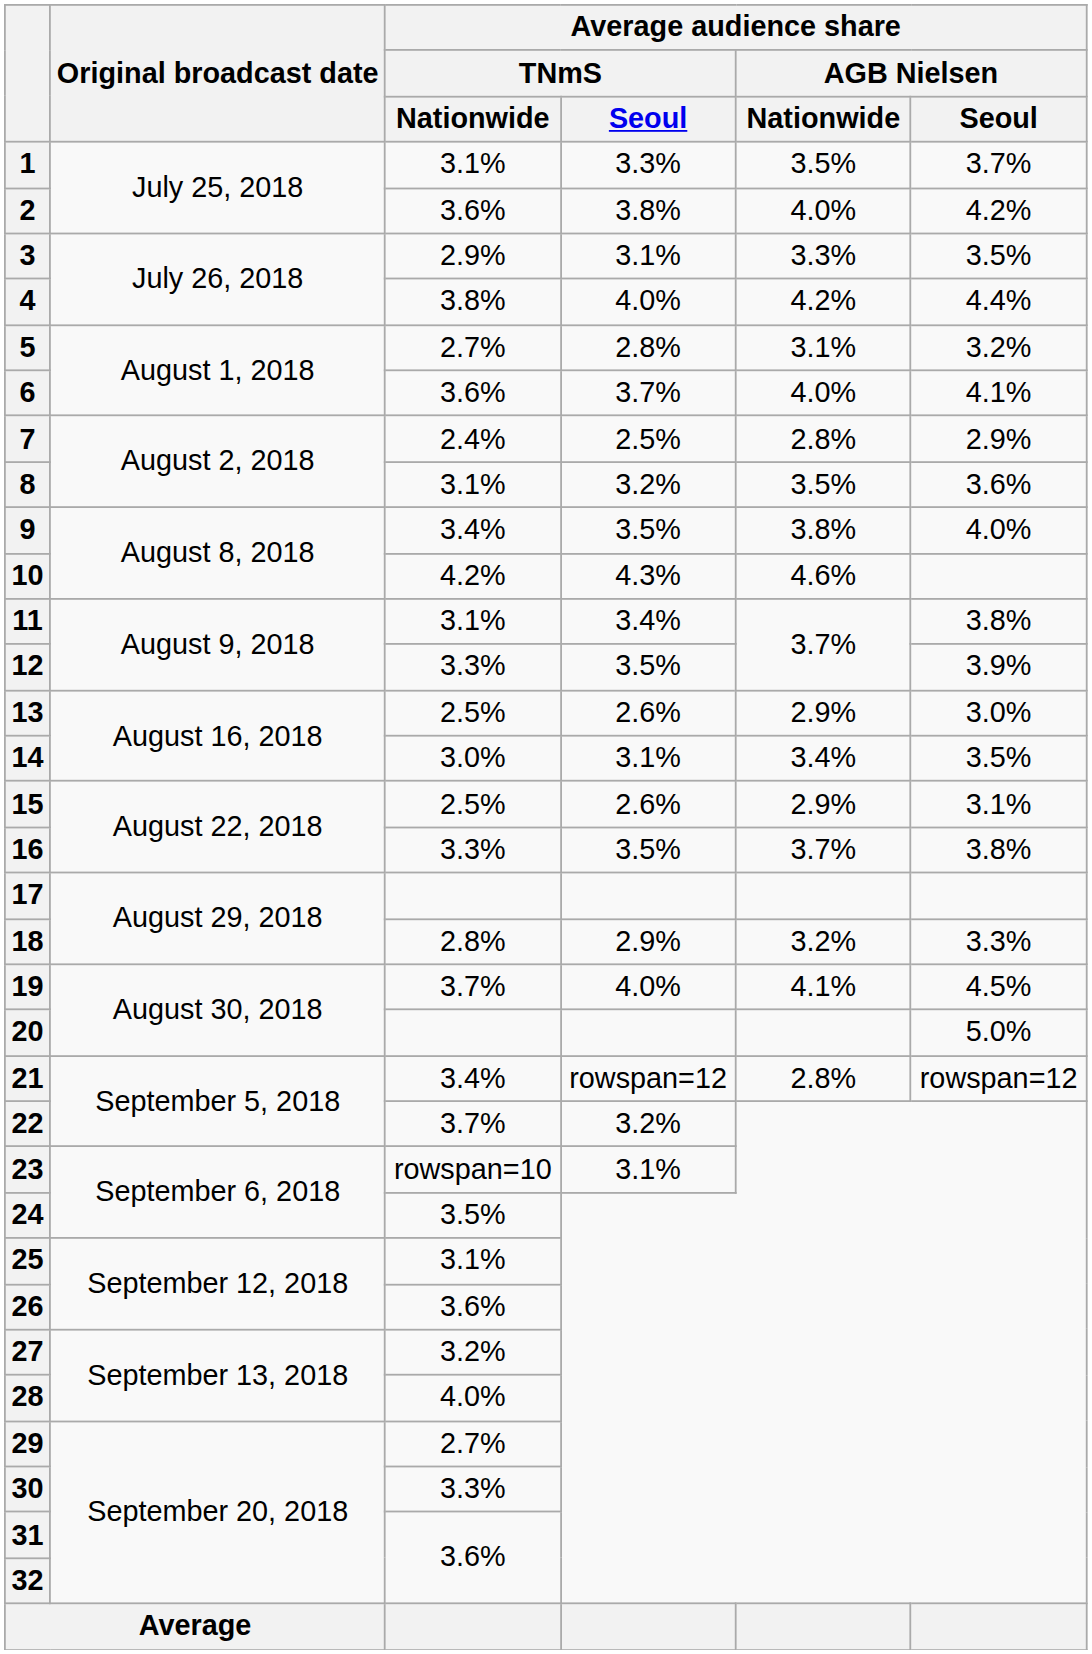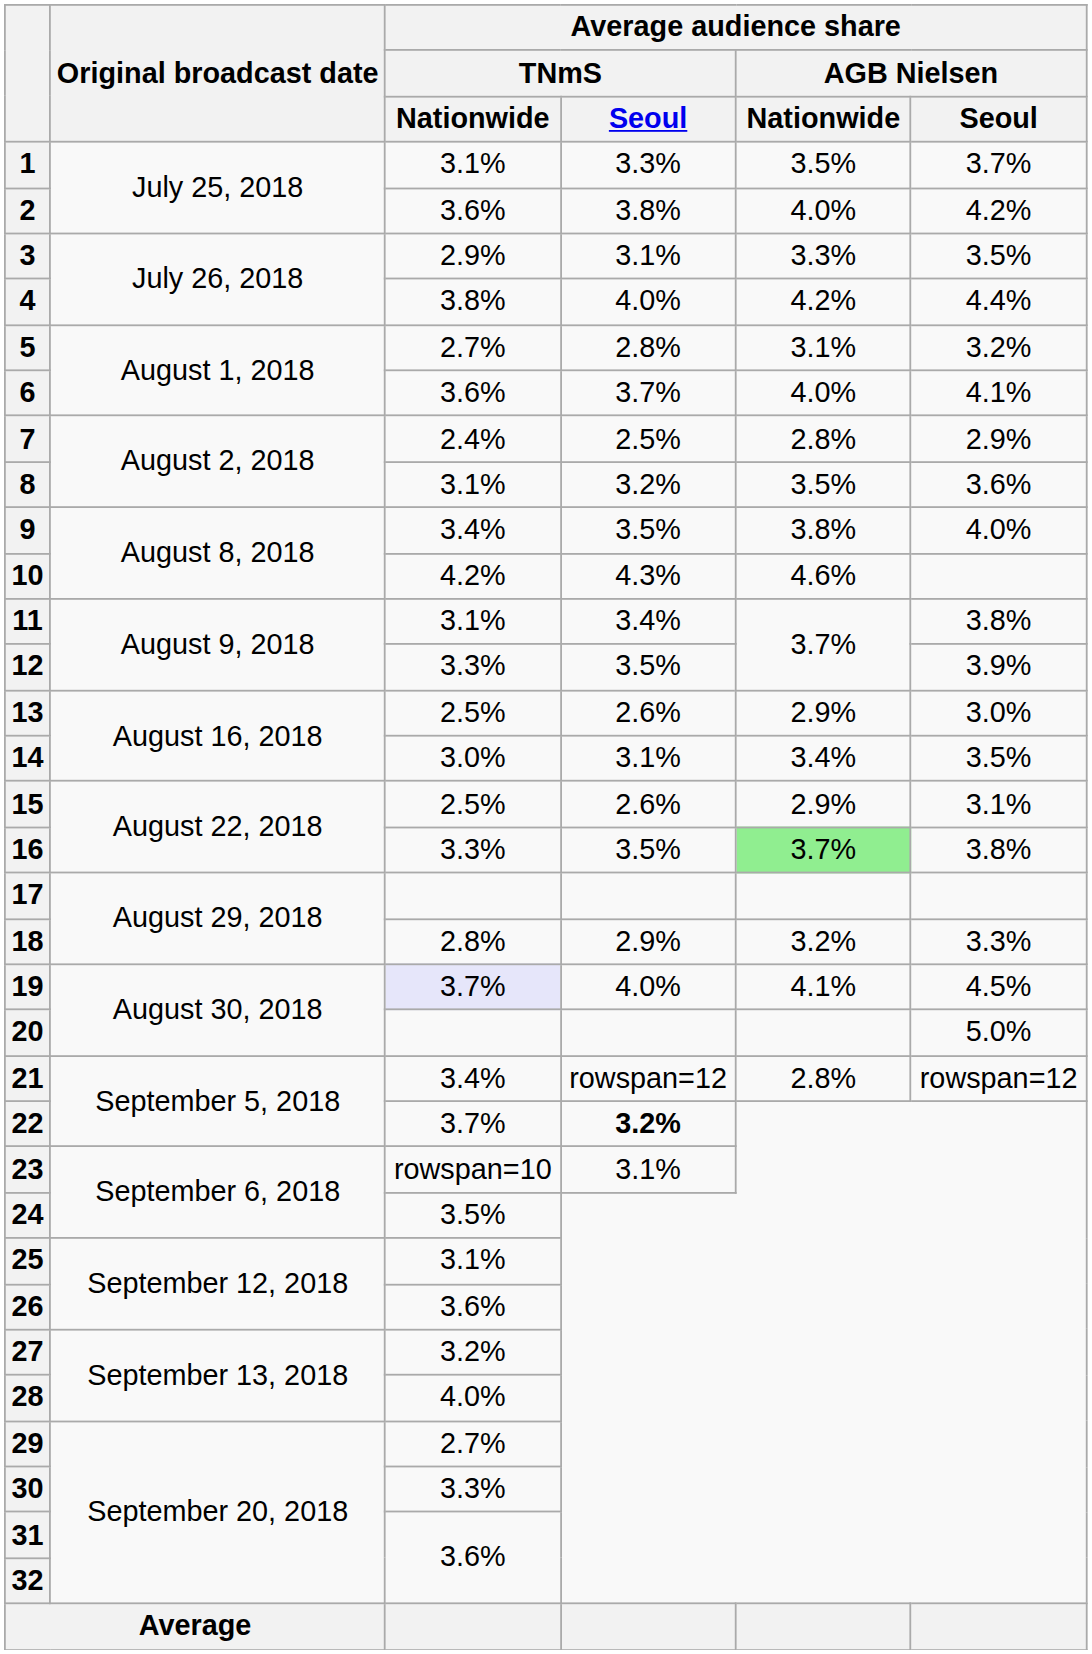 <table class="wikitable" style="text-align:center">
 <tr>
 <th rowspan="3"></th>
 <th rowspan="3">Original broadcast date</th>
 <th colspan="4">Average audience share</th>
 </tr>
 <tr>
 <th colspan="2">TNmS</th>
 <th colspan="2">AGB Nielsen</th>
 </tr>
 <tr>
 <th width="90">Nationwide</th>
 <th width="90"><a href='#'>Seoul</a></th>
 <th width="90">Nationwide</th>
 <th width="90">Seoul</th>
 </tr>
 <tr>
 <th>1</th>
 <td rowspan="2">July 25, 2018</td>
 <td>3.1%</td>
 <td>3.3%</td>
 <td>3.5% </td>
 <td>3.7% </td>
 </tr>
 <tr>
 <th>2</th>
 <td>3.6%</td>
 <td>3.8%</td>
 <td>4.0% </td>
 <td>4.2% </td>
 </tr>
 <tr>
 <th>3</th>
 <td rowspan="2">July 26, 2018</td>
 <td>2.9%</td>
 <td>3.1%</td>
 <td>3.3% </td>
 <td>3.5% </td>
 </tr>
 <tr>
 <th>4</th>
 <td>3.8%</td>
 <td>4.0%</td>
 <td>4.2% </td>
 <td>4.4% </td>
 </tr>
 <tr>
 <th>5</th>
 <td rowspan="2">August 1, 2018</td>
 <td>2.7%</td>
 <td>2.8%</td>
 <td>3.1% </td>
 <td>3.2% </td>
 </tr>
 <tr>
 <th>6</th>
 <td>3.6%</td>
 <td>3.7%</td>
 <td>4.0% </td>
 <td>4.1% </td>
 </tr>
 <tr>
 <th>7</th>
 <td rowspan="2">August 2, 2018</td>
 <td>2.4%</td>
 <td>2.5%</td>
 <td>2.8% </td>
 <td>2.9% </td>
 </tr>
 <tr>
 <th>8</th>
 <td>3.1%</td>
 <td>3.2%</td>
 <td>3.5% </td>
 <td>3.6% </td>
 </tr>
 <tr>
 <th>9</th>
 <td rowspan="2">August 8, 2018</td>
 <td>3.4%</td>
 <td>3.5%</td>
 <td>3.8% </td>
 <td>4.0% </td>
 </tr>
 <tr>
 <th>10</th>
 <td>4.2%</td>
 <td>4.3%</td>
 <td>4.6% </td>
 <td> </td>
 </tr>
 <tr>
 <th>11</th>
 <td rowspan="2">August 9, 2018</td>
 <td>3.1%</td>
 <td>3.4%</td>
 <td rowspan="2">3.7% </td>
 <td>3.8% </td>
 </tr>
 <tr>
 <th>12</th>
 <td>3.3%</td>
 <td>3.5%</td>
 <td>3.9% </td>
 </tr>
 <tr>
 <th>13</th>
 <td rowspan="2">August 16, 2018</td>
 <td>2.5%</td>
 <td>2.6%</td>
 <td>2.9% </td>
 <td>3.0% </td>
 </tr>
 <tr>
 <th>14</th>
 <td>3.0%</td>
 <td>3.1%</td>
 <td>3.4% </td>
 <td>3.5% </td>
 </tr>
 <tr>
 <th>15</th>
 <td rowspan="2">August 22, 2018</td>
 <td>2.5%</td>
 <td>2.6%</td>
 <td>2.9% </td>
 <td>3.1% </td>
 </tr>
 <tr>
 <th>16</th>
 <td>3.3%</td>
 <td>3.5%</td>
-<td>3.7% </td>
+<td style="background: lightgreen;">3.7% </td>
 <td>3.8% </td>
 </tr>
 <tr>
 <th>17</th>
 <td rowspan="2">August 29, 2018</td>
 <td></td>
 <td></td>
 <td> </td>
 <td> </td>
 </tr>
 <tr>
 <th>18</th>
 <td>2.8%</td>
 <td>2.9%</td>
 <td>3.2% </td>
 <td>3.3% </td>
 </tr>
 <tr>
 <th>19</th>
 <td rowspan="2">August 30, 2018</td>
-<td>3.7%</td>
+<td style="background: lavender;">3.7%</td>
 <td>4.0%</td>
 <td>4.1% </td>
 <td>4.5% </td>
 </tr>
 <tr>
 <th>20</th>
 <td></td>
 <td></td>
 <td> </td>
 <td>5.0%</td>
 </tr>
 <tr>
 <th>21</th>
 <td rowspan="2">September 5, 2018</td>
 <td>3.4%</td>
 <td>rowspan=12 </td>
 <td>2.8% </td>
 <td>rowspan=12 </td>
 </tr>
 <tr>
 <th>22</th>
 <td>3.7%</td>
-<td>3.2% </td>
+<td><strong>3.2% </strong></td>
 </tr>
 <tr>
 <th>23</th>
 <td rowspan="2">September 6, 2018</td>
 <td>rowspan=10 </td>
 <td>3.1% </td>
 </tr>
 <tr>
 <th>24</th>
 <td>3.5% </td>
 </tr>
 <tr>
 <th>25</th>
 <td rowspan="2">September 12, 2018</td>
 <td>3.1% </td>
 </tr>
 <tr>
 <th>26</th>
 <td>3.6% </td>
 </tr>
 <tr>
 <th>27</th>
 <td rowspan="2">September 13, 2018</td>
 <td>3.2% </td>
 </tr>
 <tr>
 <th>28</th>
 <td>4.0% </td>
 </tr>
 <tr>
 <th>29</th>
 <td rowspan="4">September 20, 2018</td>
 <td>2.7% </td>
 </tr>
 <tr>
 <th>30</th>
 <td>3.3% </td>
 </tr>
 <tr>
 <th>31</th>
 <td rowspan="2">3.6% </td>
 </tr>
 <tr>
 <th>32</th>
 </tr>
 <tr>
 <th colspan="2">Average</th>
 <th></th>
 <th></th>
 <th></th>
 <th></th>
 </tr>
 </table>
